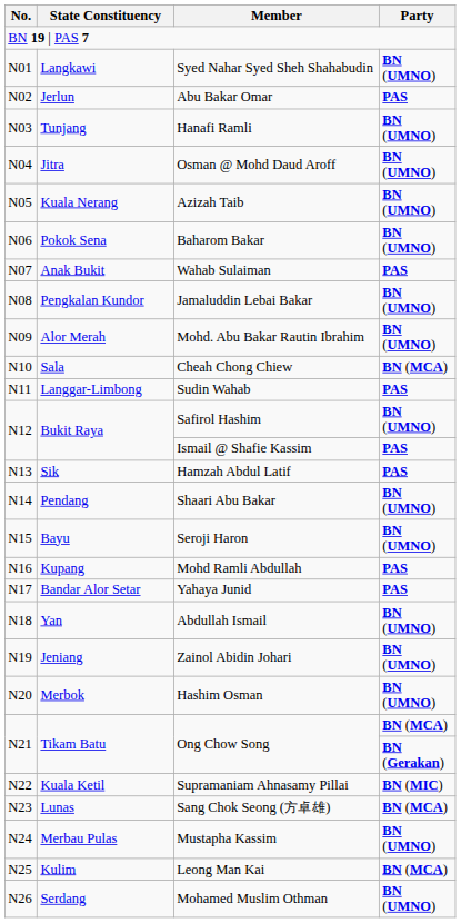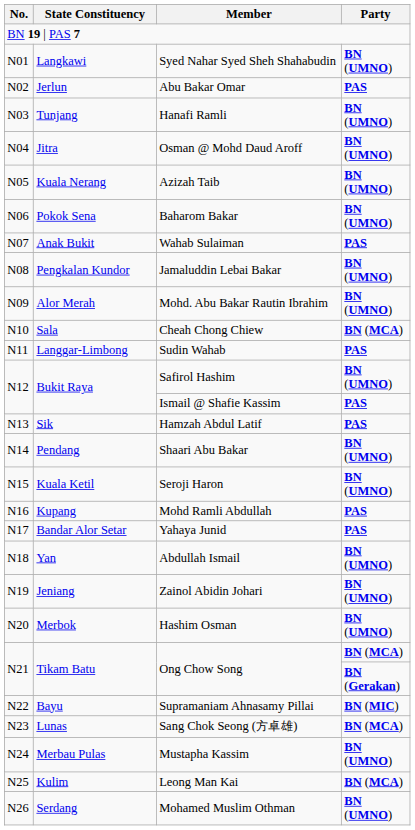 <table class="wikitable sortable">
 <tr>
 <th style="width:30px;">No.</th>
 <th style="width:150px;">State Constituency</th>
 <th style="width:230px;">Member</th>
 <th style="width:80px;">Party</th>
 </tr>
 <tr>
 <td colspan="4"><a href='#'>BN</a> <strong>19</strong> | <a href='#'>PAS</a> <strong>7</strong></td>
 </tr>
 <tr>
 <td>N01</td>
 <td><a href='#'>Langkawi</a></td>
 <td>Syed Nahar Syed Sheh Shahabudin</td>
 <td><strong><a href='#'>BN</a></strong> (<strong><a href='#'>UMNO</a></strong>)</td>
 </tr>
 <tr>
 <td>N02</td>
 <td><a href='#'>Jerlun</a></td>
 <td>Abu Bakar Omar</td>
 <td><strong><a href='#'>PAS</a></strong></td>
 </tr>
 <tr>
 <td>N03</td>
 <td><a href='#'>Tunjang</a></td>
 <td>Hanafi Ramli</td>
 <td><strong><a href='#'>BN</a></strong> (<strong><a href='#'>UMNO</a></strong>)</td>
 </tr>
 <tr>
 <td>N04</td>
 <td><a href='#'>Jitra</a></td>
 <td>Osman @ Mohd Daud Aroff</td>
 <td><strong><a href='#'>BN</a></strong> (<strong><a href='#'>UMNO</a></strong>)</td>
 </tr>
 <tr>
 <td>N05</td>
 <td><a href='#'>Kuala Nerang</a></td>
 <td>Azizah Taib</td>
 <td><strong><a href='#'>BN</a></strong> (<strong><a href='#'>UMNO</a></strong>)</td>
 </tr>
 <tr>
 <td>N06</td>
 <td><a href='#'>Pokok Sena</a></td>
 <td>Baharom Bakar</td>
 <td><strong><a href='#'>BN</a></strong> (<strong><a href='#'>UMNO</a></strong>)</td>
 </tr>
 <tr>
 <td>N07</td>
 <td><a href='#'>Anak Bukit</a></td>
 <td>Wahab Sulaiman</td>
 <td><strong><a href='#'>PAS</a></strong></td>
 </tr>
 <tr>
 <td>N08</td>
 <td><a href='#'>Pengkalan Kundor</a></td>
 <td>Jamaluddin Lebai Bakar</td>
 <td><strong><a href='#'>BN</a></strong> (<strong><a href='#'>UMNO</a></strong>)</td>
 </tr>
 <tr>
 <td>N09</td>
 <td><a href='#'>Alor Merah</a></td>
 <td>Mohd. Abu Bakar Rautin Ibrahim</td>
 <td><strong><a href='#'>BN</a></strong> (<strong><a href='#'>UMNO</a></strong>)</td>
 </tr>
 <tr>
 <td>N10</td>
 <td><a href='#'>Sala</a></td>
 <td>Cheah Chong Chiew</td>
 <td><strong><a href='#'>BN</a></strong> (<strong><a href='#'>MCA</a></strong>)</td>
 </tr>
 <tr>
 <td>N11</td>
 <td><a href='#'>Langgar-Limbong</a></td>
 <td>Sudin Wahab</td>
 <td><strong><a href='#'>PAS</a></strong></td>
 </tr>
 <tr>
 <td rowspan=2>N12</td>
 <td rowspan=2><a href='#'>Bukit Raya</a></td>
 <td>Safirol Hashim </td>
 <td><strong><a href='#'>BN</a></strong> (<strong><a href='#'>UMNO</a></strong>)</td>
 </tr>
 <tr>
 <td>Ismail @ Shafie Kassim </td>
 <td><strong><a href='#'>PAS</a></strong></td>
 </tr>
 <tr>
 <td>N13</td>
 <td><a href='#'>Sik</a></td>
 <td>Hamzah Abdul Latif</td>
 <td><strong><a href='#'>PAS</a></strong></td>
 </tr>
 <tr>
 <td>N14</td>
 <td><a href='#'>Pendang</a></td>
 <td>Shaari Abu Bakar</td>
 <td><strong><a href='#'>BN</a></strong> (<strong><a href='#'>UMNO</a></strong>)</td>
 </tr>
 <tr>
 <td>N15</td>
-<td><a href='#'>Bayu</a></td>
+<td><a href='#'>Kuala Ketil</a></td>
 <td>Seroji Haron</td>
 <td><strong><a href='#'>BN</a></strong> (<strong><a href='#'>UMNO</a></strong>)</td>
 </tr>
 <tr>
 <td>N16</td>
 <td><a href='#'>Kupang</a></td>
 <td>Mohd Ramli Abdullah</td>
 <td><strong><a href='#'>PAS</a></strong></td>
 </tr>
 <tr>
 <td>N17</td>
 <td><a href='#'>Bandar Alor Setar</a></td>
 <td>Yahaya Junid</td>
 <td><strong><a href='#'>PAS</a></strong></td>
 </tr>
 <tr>
 <td>N18</td>
 <td><a href='#'>Yan</a></td>
 <td>Abdullah Ismail</td>
 <td><strong><a href='#'>BN</a></strong> (<strong><a href='#'>UMNO</a></strong>)</td>
 </tr>
 <tr>
 <td>N19</td>
 <td><a href='#'>Jeniang</a></td>
 <td>Zainol Abidin Johari</td>
 <td><strong><a href='#'>BN</a></strong> (<strong><a href='#'>UMNO</a></strong>)</td>
 </tr>
 <tr>
 <td>N20</td>
 <td><a href='#'>Merbok</a></td>
 <td>Hashim Osman</td>
 <td><strong><a href='#'>BN</a></strong> (<strong><a href='#'>UMNO</a></strong>)</td>
 </tr>
 <tr>
 <td rowspan=2>N21</td>
 <td rowspan=2><a href='#'>Tikam Batu</a></td>
 <td rowspan=2>Ong Chow Song</td>
 <td><strong><a href='#'>BN</a></strong> (<strong><a href='#'>MCA</a></strong>)</td>
 </tr>
 <tr>
 <td><strong><a href='#'>BN</a></strong> (<strong><a href='#'>Gerakan</a></strong>)</td>
 </tr>
 <tr>
 <td>N22</td>
-<td><a href='#'>Kuala Ketil</a></td>
+<td><a href='#'>Bayu</a></td>
 <td>Supramaniam Ahnasamy Pillai</td>
 <td><strong><a href='#'>BN</a></strong> (<strong><a href='#'>MIC</a></strong>)</td>
 </tr>
 <tr>
 <td>N23</td>
 <td><a href='#'>Lunas</a></td>
 <td>Sang Chok Seong (方卓雄)</td>
 <td><strong><a href='#'>BN</a></strong> (<strong><a href='#'>MCA</a></strong>)</td>
 </tr>
 <tr>
 <td>N24</td>
 <td><a href='#'>Merbau Pulas</a></td>
 <td>Mustapha Kassim</td>
 <td><strong><a href='#'>BN</a></strong> (<strong><a href='#'>UMNO</a></strong>)</td>
 </tr>
 <tr>
 <td>N25</td>
 <td><a href='#'>Kulim</a></td>
 <td>Leong Man Kai</td>
 <td><strong><a href='#'>BN</a></strong> (<strong><a href='#'>MCA</a></strong>)</td>
 </tr>
 <tr>
 <td>N26</td>
 <td><a href='#'>Serdang</a></td>
 <td>Mohamed Muslim Othman</td>
 <td><strong><a href='#'>BN</a></strong> (<strong><a href='#'>UMNO</a></strong>)</td>
 </tr>
 </table>
